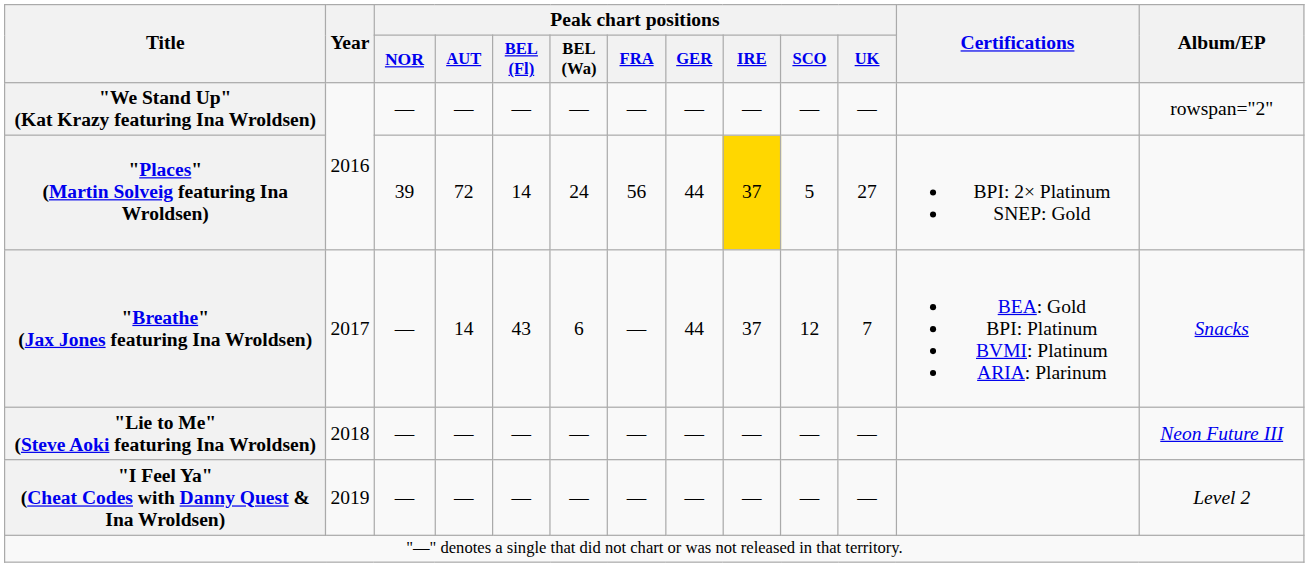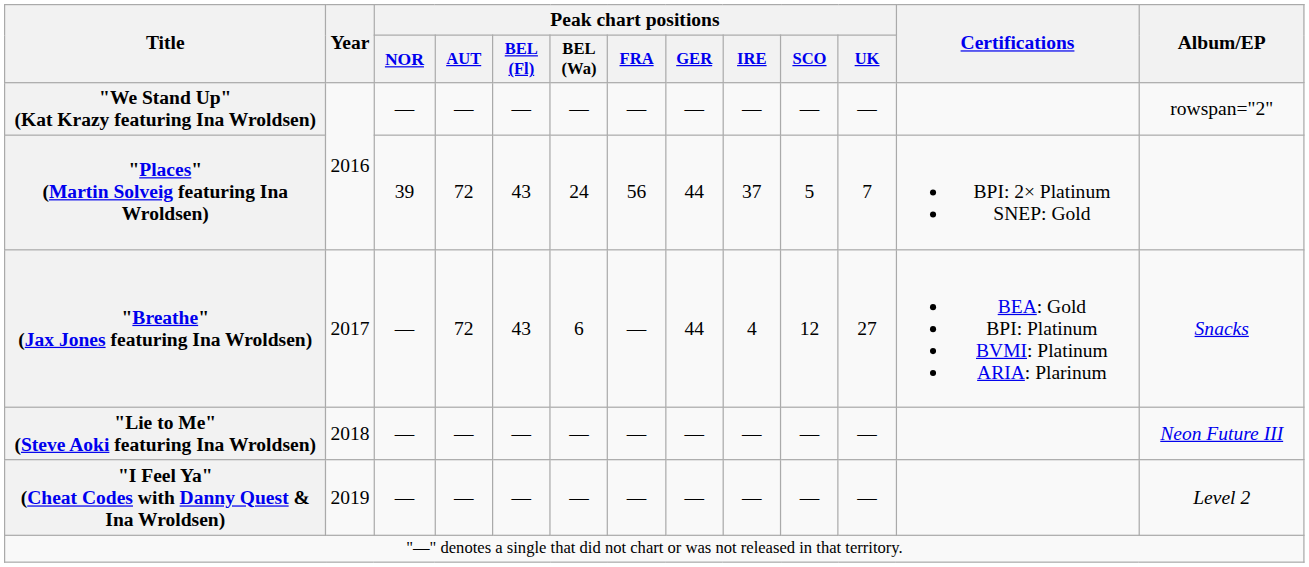 <table class="wikitable plainrowheaders" style="text-align:center;" border="1">
 <tr>
 <th scope="col" rowspan="2" style="width:16em;">Title</th>
 <th scope="col" rowspan="2" style="width:1em;">Year</th>
 <th scope="col" colspan="9">Peak chart positions</th>
 <th scope="col" rowspan="2" style="width:12em;"><a href='#'>Certifications</a></th>
 <th scope="col" rowspan="2" style="width:8em;">Album/EP</th>
 </tr>
 <tr>
 <th scope="col" style="width:3em;font-size:90%;"><a href='#'>NOR</a></th>
 <th scope="col" style="width:3em;font-size:85%;"><a href='#'>AUT</a></th>
 <th scope="col" style="width:3em;font-size:85%;"><a href='#'>BEL (Fl)</a></th>
 <th scope="col" style="width:3em;font-size:85%;">BEL (Wa)</th>
 <th scope="col" style="width:3em;font-size:85%;"><a href='#'>FRA</a></th>
 <th scope="col" style="width:3em;font-size:85%;"><a href='#'>GER</a></th>
 <th scope="col" style="width:3em;font-size:85%;"><a href='#'>IRE</a></th>
 <th scope="col" style="width:3em;font-size:85%;"><a href='#'>SCO</a></th>
 <th scope="col" style="width:3em;font-size:85%;"><a href='#'>UK</a></th>
 </tr>
 <tr>
 <th scope="row">"We Stand Up"<br><span>(Kat Krazy featuring Ina Wroldsen)</span></th>
 <td rowspan="2">2016</td>
 <td>—</td>
 <td>—</td>
 <td>—</td>
 <td>—</td>
 <td>—</td>
 <td>—</td>
 <td>—</td>
 <td>—</td>
 <td>—</td>
 <td></td>
 <td>rowspan="2" </td>
 </tr>
 <tr>
 <th scope="row">"<a href='#'>Places</a>"<br><span>(<a href='#'>Martin Solveig</a> featuring Ina Wroldsen)</span></th>
 <td>39</td>
 <td>72</td>
-<td>14</td>
+<td>43</td>
 <td>24</td>
 <td>56</td>
 <td>44</td>
-<td style="background: gold;">37</td>
+<td>37</td>
 <td>5<br></td>
-<td>27</td>
+<td>7</td>
 <td><br><ul><li>BPI: 2× Platinum</li><li>SNEP: Gold</li></ul></td>
 </tr>
 <tr>
 <th scope="row">"<a href='#'>Breathe</a>" <br><span>(<a href='#'>Jax Jones</a> featuring Ina Wroldsen)</span></th>
 <td>2017</td>
 <td>—</td>
-<td>14<br></td>
+<td>72</td>
 <td>43</td>
 <td>6</td>
 <td>—</td>
 <td>44</td>
-<td>37</td>
+<td>4<br></td>
 <td>12</td>
-<td>7</td>
+<td>27</td>
 <td><br><ul><li><a href='#'>BEA</a>: Gold</li><li>BPI: Platinum</li><li><a href='#'>BVMI</a>: Platinum</li><li><a href='#'>ARIA</a>: Plarinum</li></ul></td>
 <td><em><a href='#'>Snacks</a></em></td>
 </tr>
 <tr>
 <th scope="row">"Lie to Me"<br><span>(<a href='#'>Steve Aoki</a> featuring Ina Wroldsen)</span></th>
 <td>2018</td>
 <td>—</td>
 <td>—</td>
 <td>—</td>
 <td>—</td>
 <td>—</td>
 <td>—</td>
 <td>—</td>
 <td>—</td>
 <td>—</td>
 <td></td>
 <td><em><a href='#'>Neon Future III</a></em></td>
 </tr>
 <tr>
 <th scope="row">"I Feel Ya"<br><span>(<a href='#'>Cheat Codes</a> with <a href='#'>Danny Quest</a> & Ina Wroldsen)</span></th>
 <td>2019</td>
 <td>—</td>
 <td>—</td>
 <td>—</td>
 <td>—</td>
 <td>—</td>
 <td>—</td>
 <td>—</td>
 <td>—</td>
 <td>—</td>
 <td></td>
 <td><em>Level 2</em></td>
 </tr>
 <tr>
 <td colspan="26" style="font-size:85%">"—" denotes a single that did not chart or was not released in that territory.</td>
 </tr>
 </table>
